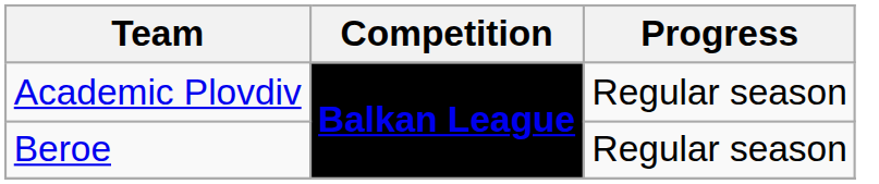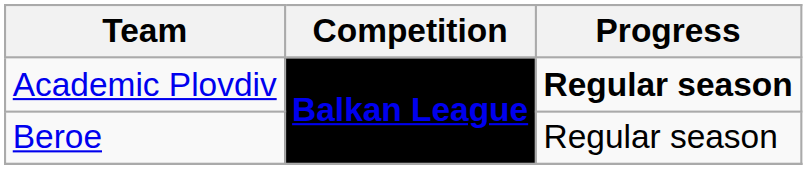 <table class="wikitable sortable">
 <tr>
 <th>Team</th>
 <th>Competition</th>
 <th>Progress</th>
 </tr>
 <tr>
 <td><a href='#'>Academic Plovdiv</a></td>
 <td align="center" style="background:black;" rowspan=2><a href='#'><span><strong>Balkan League</strong></span></a></td>
-<td>Regular season</td>
+<td><strong>Regular season</strong></td>
 </tr>
 <tr>
 <td><a href='#'>Beroe</a></td>
 <td>Regular season</td>
 </tr>
 <tr>
 </tr>
 </table>
